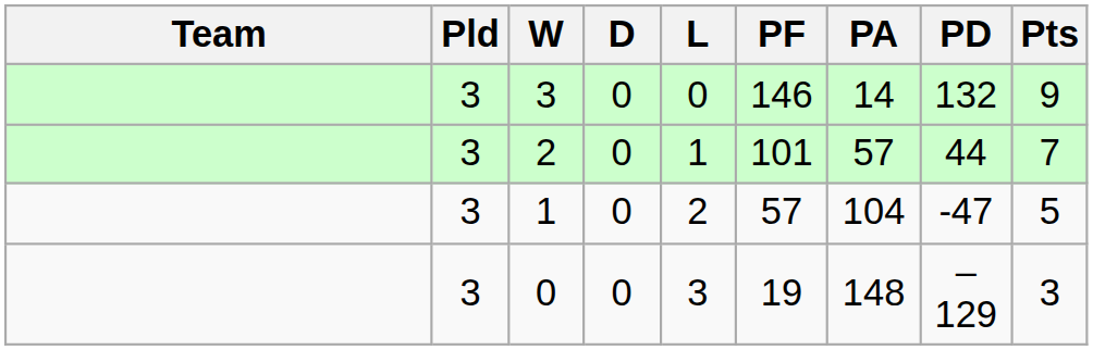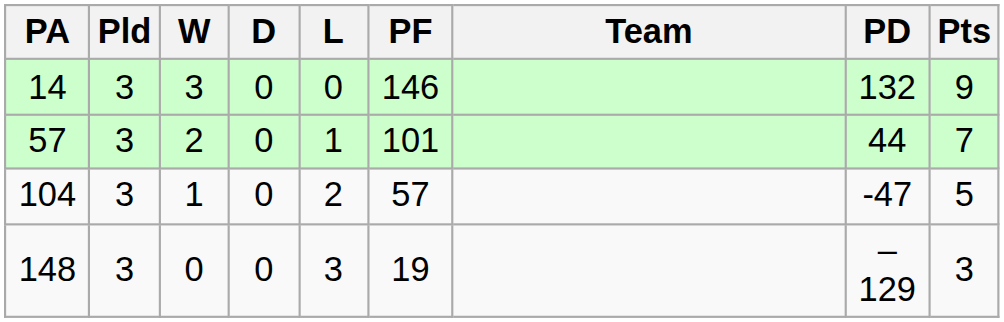 <table class="wikitable" style="text-align:center;">
 <tr>
-<th width=175>Team</th>
+<th width=32 abbr="Points against">PA</th>
 <th width=25 abbr="Played">Pld</th>
 <th width=25 abbr="Won">W</th>
 <th width=25 abbr="Drawn">D</th>
 <th width=25 abbr="Lost">L</th>
 <th width=32 abbr="Points for">PF</th>
-<th width=32 abbr="Points against">PA</th>
+<th width=175>Team</th>
 <th width=32 abbr="Points difference">PD</th>
 <th width=25 abbr="Points">Pts</th>
 </tr>
 <tr bgcolor="#ccffcc">
-<td align=left></td>
+<td>14</td>
 <td>3</td>
 <td>3</td>
 <td>0</td>
 <td>0</td>
 <td>146</td>
-<td>14</td>
+<td align=left></td>
 <td>132</td>
 <td>9</td>
 </tr>
 <tr bgcolor="#ccffcc">
-<td align=left></td>
+<td>57</td>
 <td>3</td>
 <td>2</td>
 <td>0</td>
 <td>1</td>
 <td>101</td>
-<td>57</td>
+<td align=left></td>
 <td>44</td>
 <td>7</td>
 </tr>
 <tr>
-<td align=left></td>
+<td>104</td>
 <td>3</td>
 <td>1</td>
 <td>0</td>
 <td>2</td>
 <td>57</td>
-<td>104</td>
+<td align=left></td>
 <td>-47</td>
 <td>5</td>
 </tr>
 <tr>
-<td align=left></td>
+<td>148</td>
 <td>3</td>
 <td>0</td>
 <td>0</td>
 <td>3</td>
 <td>19</td>
-<td>148</td>
+<td align=left></td>
 <td>–129</td>
 <td>3</td>
 </tr>
 </table>
